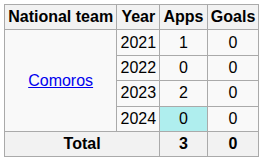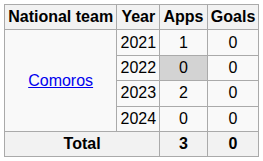 <table class="wikitable" style="text-align:center">
 <tr>
 <th>National team</th>
 <th>Year</th>
 <th>Apps</th>
 <th>Goals</th>
 </tr>
 <tr>
 <td rowspan="4"><a href='#'>Comoros</a></td>
 <td>2021</td>
 <td>1</td>
 <td>0</td>
 </tr>
 <tr>
 <td>2022</td>
-<td>0</td>
+<td style="background: lightgrey;">0</td>
 <td>0</td>
 </tr>
 <tr>
 <td>2023</td>
 <td>2</td>
 <td>0</td>
 </tr>
 <tr>
 <td>2024</td>
-<td style="background: paleturquoise;">0</td>
+<td>0</td>
 <td>0</td>
 </tr>
 <tr>
 <th colspan="2">Total</th>
 <th>3</th>
 <th>0</th>
 </tr>
 </table>
